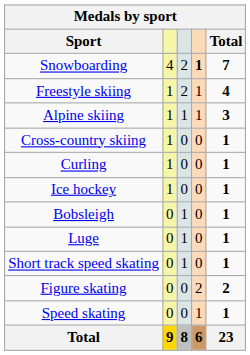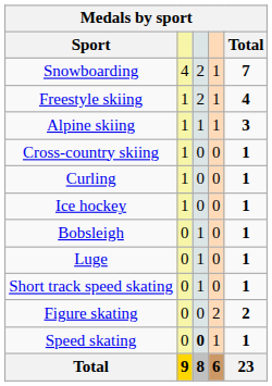 <table class="wikitable" style=font-size:85%;float:right;text-align:center>
 <tr>
 <th colspan=5>Medals by sport</th>
 </tr>
 <tr>
 <th>Sport</th>
 <td bgcolor=F7F6A8></td>
 <td bgcolor=DCE5E5></td>
 <td bgcolor=FFDAB9></td>
 <th>Total</th>
 </tr>
 <tr>
 <td><a href='#'>Snowboarding</a></td>
 <td bgcolor=F7F6A8>4</td>
 <td bgcolor=DCE5E5>2</td>
-<td bgcolor=FFDAB9><strong>1</strong></td>
+<td bgcolor=FFDAB9>1</td>
 <td><strong>7</strong></td>
 </tr>
 <tr>
 <td><a href='#'>Freestyle skiing</a></td>
 <td bgcolor=F7F6A8>1</td>
 <td bgcolor=DCE5E5>2</td>
 <td bgcolor=FFDAB9>1</td>
 <td><strong>4</strong></td>
 </tr>
 <tr>
 <td><a href='#'>Alpine skiing</a></td>
 <td bgcolor=F7F6A8>1</td>
 <td bgcolor=DCE5E5>1</td>
 <td bgcolor=FFDAB9>1</td>
 <td><strong>3</strong></td>
 </tr>
 <tr>
 <td><a href='#'>Cross-country skiing</a></td>
 <td bgcolor=F7F6A8>1</td>
 <td bgcolor=DCE5E5>0</td>
 <td bgcolor=FFDAB9>0</td>
 <td><strong>1</strong></td>
 </tr>
 <tr>
 <td><a href='#'>Curling</a></td>
 <td bgcolor=F7F6A8>1</td>
 <td bgcolor=DCE5E5>0</td>
 <td bgcolor=FFDAB9>0</td>
 <td><strong>1</strong></td>
 </tr>
 <tr>
 <td><a href='#'>Ice hockey</a></td>
 <td bgcolor=F7F6A8>1</td>
 <td bgcolor=DCE5E5>0</td>
 <td bgcolor=FFDAB9>0</td>
 <td><strong>1</strong></td>
 </tr>
 <tr>
 <td><a href='#'>Bobsleigh</a></td>
 <td bgcolor=F7F6A8>0</td>
 <td bgcolor=DCE5E5>1</td>
 <td bgcolor=FFDAB9>0</td>
 <td><strong>1</strong></td>
 </tr>
 <tr>
 <td><a href='#'>Luge</a></td>
 <td bgcolor=F7F6A8>0</td>
 <td bgcolor=DCE5E5>1</td>
 <td bgcolor=FFDAB9>0</td>
 <td><strong>1</strong></td>
 </tr>
 <tr>
 <td><a href='#'>Short track speed skating</a></td>
 <td bgcolor=F7F6A8>0</td>
 <td bgcolor=DCE5E5>1</td>
 <td bgcolor=FFDAB9>0</td>
 <td><strong>1</strong></td>
 </tr>
 <tr>
 <td><a href='#'>Figure skating</a></td>
 <td bgcolor=F7F6A8>0</td>
 <td bgcolor=DCE5E5>0</td>
 <td bgcolor=FFDAB9>2</td>
 <td><strong>2</strong></td>
 </tr>
 <tr>
 <td><a href='#'>Speed skating</a></td>
 <td bgcolor=F7F6A8>0</td>
-<td bgcolor=DCE5E5>0</td>
+<td bgcolor=DCE5E5><strong>0</strong></td>
 <td bgcolor=FFDAB9>1</td>
 <td><strong>1</strong></td>
 </tr>
 <tr>
 <th>Total</th>
 <th style=background:gold>9</th>
 <th style=background:silver>8</th>
 <th style=background:#c96>6</th>
 <th>23</th>
 </tr>
 </table>
